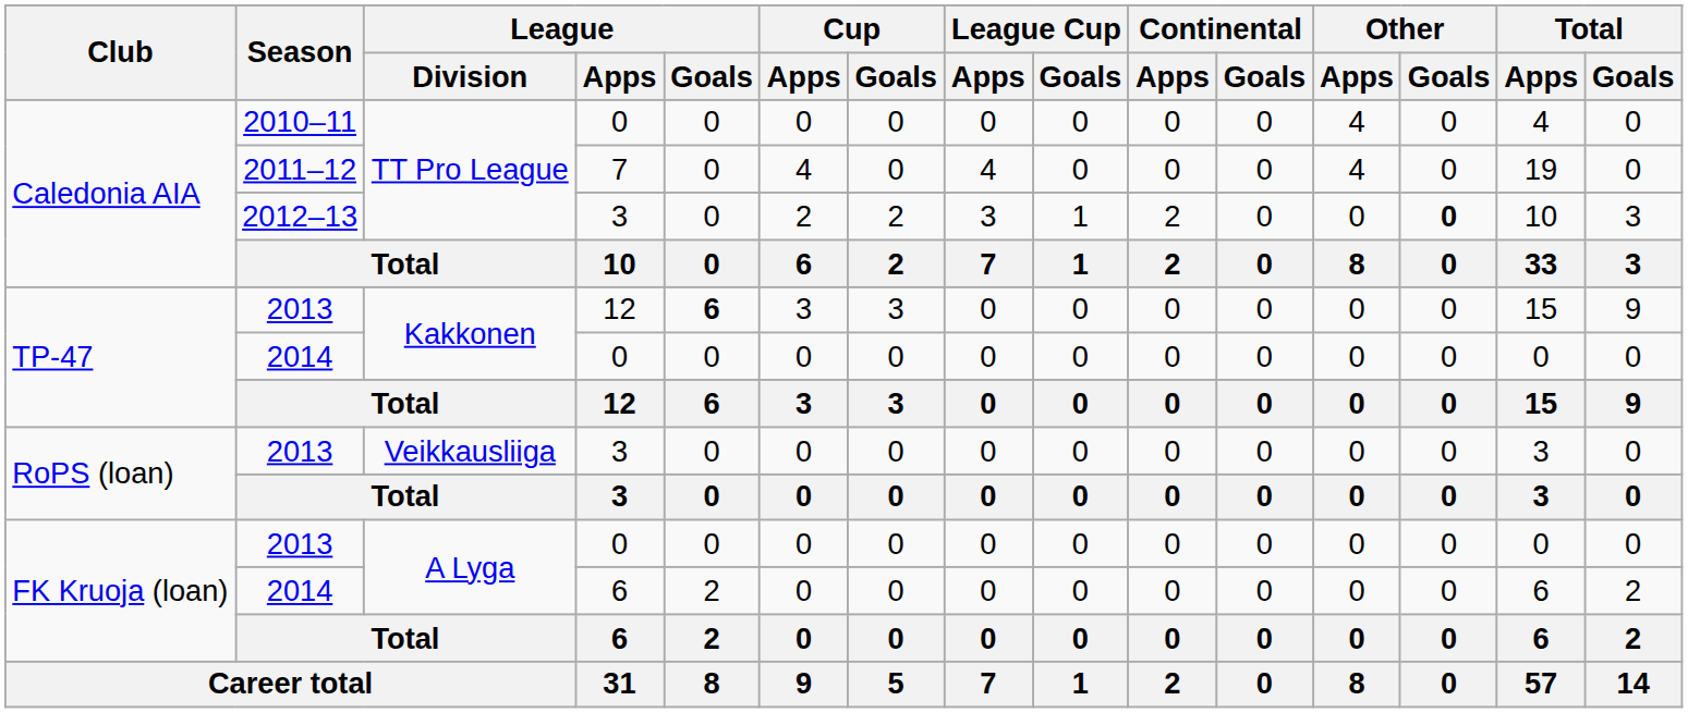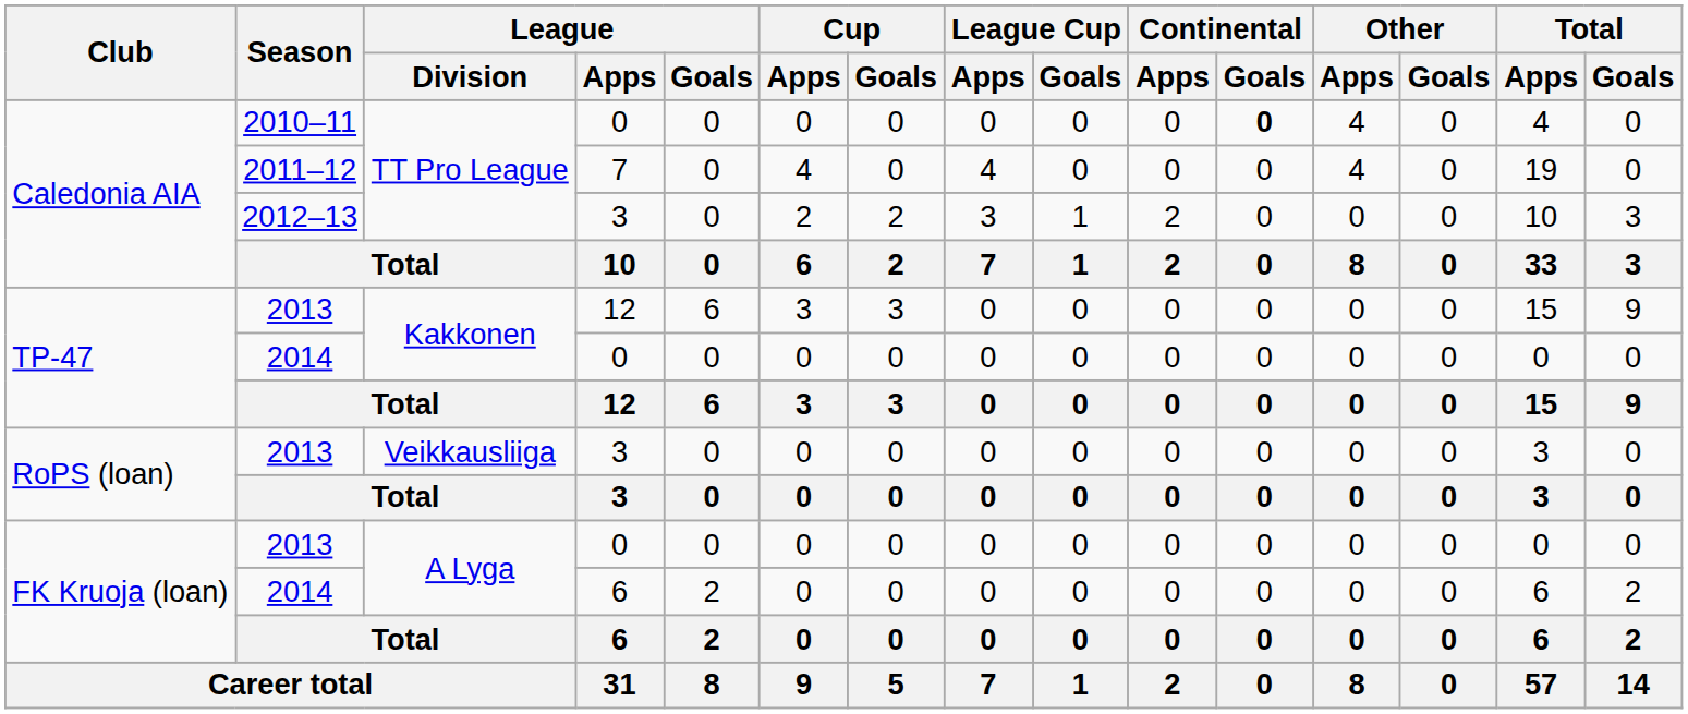 <table class="wikitable" style="text-align: center; font-size:90%;">
 <tr>
 <th rowspan="2">Club</th>
 <th rowspan="2">Season</th>
 <th colspan="3">League</th>
 <th colspan="2">Cup</th>
 <th colspan="2">League Cup</th>
 <th colspan="2">Continental</th>
 <th colspan="2">Other</th>
 <th colspan="2">Total</th>
 </tr>
 <tr>
 <th>Division</th>
 <th>Apps</th>
 <th>Goals</th>
 <th>Apps</th>
 <th>Goals</th>
 <th>Apps</th>
 <th>Goals</th>
 <th>Apps</th>
 <th>Goals</th>
 <th>Apps</th>
 <th>Goals</th>
 <th>Apps</th>
 <th>Goals</th>
 </tr>
 <tr>
 <td rowspan="4" align="left"><a href='#'>Caledonia AIA</a></td>
 <td><a href='#'>2010–11</a></td>
 <td rowspan="3"><a href='#'>TT Pro League</a></td>
 <td>0</td>
 <td>0</td>
 <td>0</td>
 <td>0</td>
 <td>0</td>
 <td>0</td>
 <td>0</td>
-<td>0</td>
+<td><strong>0</strong></td>
 <td>4</td>
 <td>0</td>
 <td>4</td>
 <td>0</td>
 </tr>
 <tr>
 <td><a href='#'>2011–12</a></td>
 <td>7</td>
 <td>0</td>
 <td>4</td>
 <td>0</td>
 <td>4</td>
 <td>0</td>
 <td>0</td>
 <td>0</td>
 <td>4</td>
 <td>0</td>
 <td>19</td>
 <td>0</td>
 </tr>
 <tr>
 <td><a href='#'>2012–13</a></td>
 <td>3</td>
 <td>0</td>
 <td>2</td>
 <td>2</td>
 <td>3</td>
 <td>1</td>
 <td>2</td>
 <td>0</td>
 <td>0</td>
-<td><strong>0</strong></td>
+<td>0</td>
 <td>10</td>
 <td>3</td>
 </tr>
 <tr>
 <th colspan="2">Total</th>
 <th>10</th>
 <th>0</th>
 <th>6</th>
 <th>2</th>
 <th>7</th>
 <th>1</th>
 <th>2</th>
 <th>0</th>
 <th>8</th>
 <th>0</th>
 <th>33</th>
 <th>3</th>
 </tr>
 <tr>
 <td rowspan="3" align="left"><a href='#'>TP-47</a></td>
 <td><a href='#'>2013</a></td>
 <td rowspan="2"><a href='#'>Kakkonen</a></td>
 <td>12</td>
-<td><strong>6</strong></td>
+<td>6</td>
 <td>3</td>
 <td>3</td>
 <td>0</td>
 <td>0</td>
 <td>0</td>
 <td>0</td>
 <td>0</td>
 <td>0</td>
 <td>15</td>
 <td>9</td>
 </tr>
 <tr>
 <td><a href='#'>2014</a></td>
 <td>0</td>
 <td>0</td>
 <td>0</td>
 <td>0</td>
 <td>0</td>
 <td>0</td>
 <td>0</td>
 <td>0</td>
 <td>0</td>
 <td>0</td>
 <td>0</td>
 <td>0</td>
 </tr>
 <tr>
 <th colspan="2">Total</th>
 <th>12</th>
 <th>6</th>
 <th>3</th>
 <th>3</th>
 <th>0</th>
 <th>0</th>
 <th>0</th>
 <th>0</th>
 <th>0</th>
 <th>0</th>
 <th>15</th>
 <th>9</th>
 </tr>
 <tr>
 <td rowspan="2" align="left"><a href='#'>RoPS</a> (loan)</td>
 <td><a href='#'>2013</a></td>
 <td rowspan="1"><a href='#'>Veikkausliiga</a></td>
 <td>3</td>
 <td>0</td>
 <td>0</td>
 <td>0</td>
 <td>0</td>
 <td>0</td>
 <td>0</td>
 <td>0</td>
 <td>0</td>
 <td>0</td>
 <td>3</td>
 <td>0</td>
 </tr>
 <tr>
 <th colspan="2">Total</th>
 <th>3</th>
 <th>0</th>
 <th>0</th>
 <th>0</th>
 <th>0</th>
 <th>0</th>
 <th>0</th>
 <th>0</th>
 <th>0</th>
 <th>0</th>
 <th>3</th>
 <th>0</th>
 </tr>
 <tr>
 <td rowspan="3" align="left"><a href='#'>FK Kruoja</a> (loan)</td>
 <td><a href='#'>2013</a></td>
 <td rowspan="2"><a href='#'>A Lyga</a></td>
 <td>0</td>
 <td>0</td>
 <td>0</td>
 <td>0</td>
 <td>0</td>
 <td>0</td>
 <td>0</td>
 <td>0</td>
 <td>0</td>
 <td>0</td>
 <td>0</td>
 <td>0</td>
 </tr>
 <tr>
 <td><a href='#'>2014</a></td>
 <td>6</td>
 <td>2</td>
 <td>0</td>
 <td>0</td>
 <td>0</td>
 <td>0</td>
 <td>0</td>
 <td>0</td>
 <td>0</td>
 <td>0</td>
 <td>6</td>
 <td>2</td>
 </tr>
 <tr>
 <th colspan="2">Total</th>
 <th>6</th>
 <th>2</th>
 <th>0</th>
 <th>0</th>
 <th>0</th>
 <th>0</th>
 <th>0</th>
 <th>0</th>
 <th>0</th>
 <th>0</th>
 <th>6</th>
 <th>2</th>
 </tr>
 <tr>
 <th colspan=3>Career total</th>
 <th>31</th>
 <th>8</th>
 <th>9</th>
 <th>5</th>
 <th>7</th>
 <th>1</th>
 <th>2</th>
 <th>0</th>
 <th>8</th>
 <th>0</th>
 <th>57</th>
 <th>14</th>
 </tr>
 </table>
